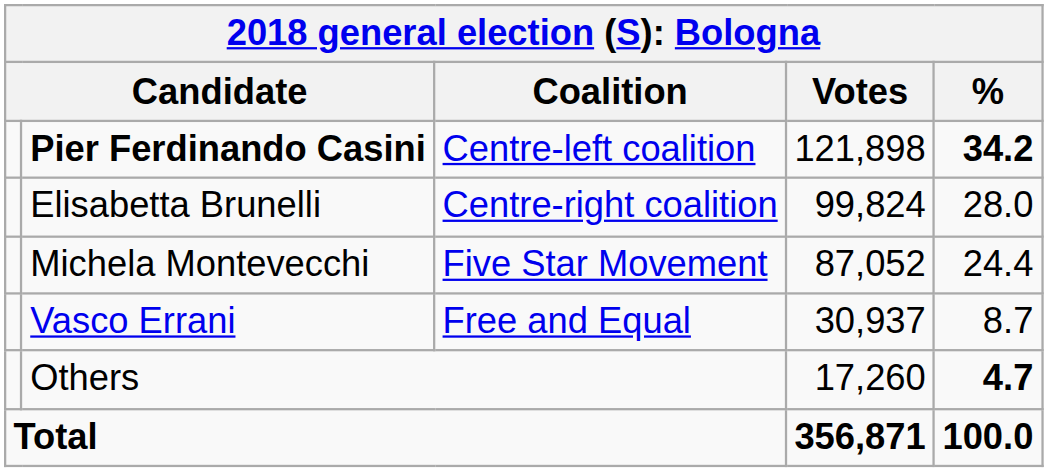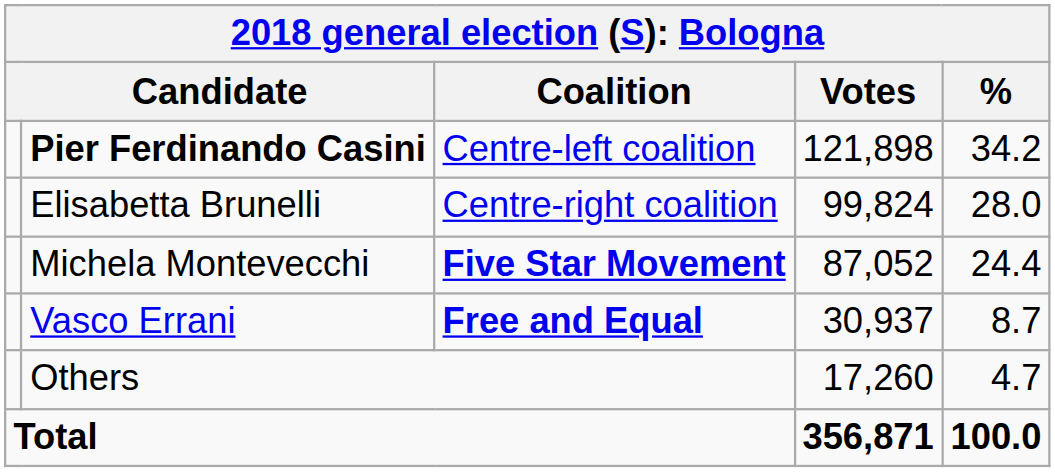 <table class=wikitable style=text-align:right>
 <tr>
 <th colspan=5><a href='#'>2018 general election</a> (<a href='#'>S</a>): <a href='#'>Bologna</a></th>
 </tr>
 <tr>
 <th colspan=2>Candidate</th>
 <th>Coalition</th>
 <th>Votes</th>
 <th>%</th>
 </tr>
 <tr>
 <td></td>
 <td align=left><strong>Pier Ferdinando Casini</strong></td>
 <td align=left><a href='#'>Centre-left coalition</a></td>
 <td>121,898</td>
-<td><strong>34.2</strong></td>
+<td>34.2</td>
 </tr>
 <tr>
 <td></td>
 <td align=left>Elisabetta Brunelli</td>
 <td align=left><a href='#'>Centre-right coalition</a></td>
 <td>99,824</td>
 <td>28.0</td>
 </tr>
 <tr>
 <td></td>
 <td align=left>Michela Montevecchi</td>
-<td align=left><a href='#'>Five Star Movement</a></td>
+<td align=left><strong><a href='#'>Five Star Movement</a></strong></td>
 <td>87,052</td>
 <td>24.4</td>
 </tr>
 <tr>
 <td></td>
 <td align=left><a href='#'>Vasco Errani</a></td>
-<td align=left><a href='#'>Free and Equal</a></td>
+<td align=left><strong><a href='#'>Free and Equal</a></strong></td>
 <td>30,937</td>
 <td>8.7</td>
 </tr>
 <tr>
 <td></td>
 <td align=left colspan=2>Others</td>
 <td>17,260</td>
-<td><strong>4.7</strong></td>
+<td>4.7</td>
 </tr>
 <tr>
 <td align=left colspan=3><strong>Total</strong></td>
 <td><strong>356,871</strong></td>
 <td><strong>100.0</strong></td>
 </tr>
 </table>
